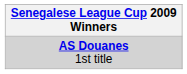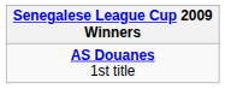 <table class="wikitable" style="margin: 0 auto; width: 240px;">
 <tr>
 <th><a href='#'>Senegalese League Cup</a> 2009<br>Winners</th>
 </tr>
 <tr>
-<td align=center style="background: lightgrey;"><strong><a href='#'>AS Douanes</a></strong><br>1st title</td>
+<td align=center><strong><a href='#'>AS Douanes</a></strong><br>1st title</td>
 </tr>
 </table>
